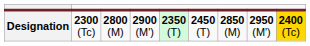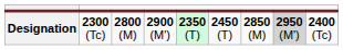 <table class="wikitable" style="text-align: center">
 <tr style="border-bottom: 4px solid #702029">
 <th></th>
 <td colspan="8"> </td>
 </tr>
 <tr>
 <th>Designation</th>
 <td><strong>2300</strong><br>(Tc)</td>
 <td><strong>2800</strong><br>(M)</td>
 <td><strong>2900</strong><br>(M')</td>
 <td style="background: #3fff6f33; color: inherit"><strong>2350</strong><br>(T)</td>
 <td><strong>2450</strong><br>(T)</td>
 <td><strong>2850</strong><br>(M)</td>
-<td><strong>2950</strong><br>(M')</td>
-<td style="background: gold;"><strong>2400</strong><br>(Tc)</td>
+<td style="background: lightgrey;"><strong>2950</strong><br>(M')</td>
+<td><strong>2400</strong><br>(Tc)</td>
 </tr>
 </table>
